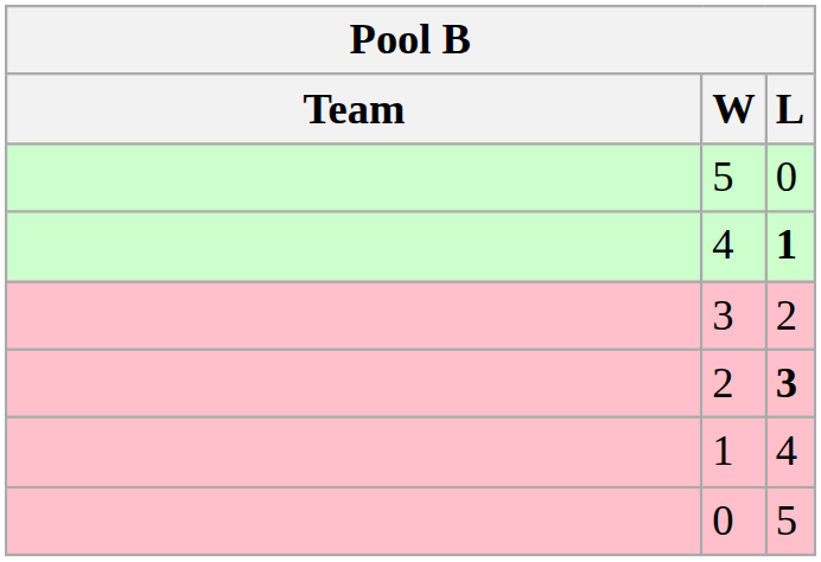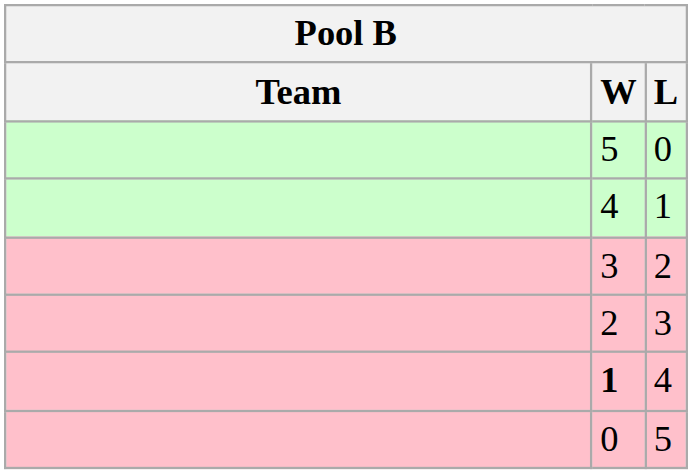 <table class="wikitable">
 <tr>
 <th colspan="3">Pool B</th>
 </tr>
 <tr>
 <th width="250">Team</th>
 <th>W</th>
 <th>L</th>
 </tr>
 <tr style="background:#ccffcc">
 <td></td>
 <td>5</td>
 <td>0</td>
 </tr>
 <tr style="background:#ccffcc">
 <td></td>
 <td>4</td>
-<td><strong>1</strong></td>
+<td>1</td>
 </tr>
 <tr style="background:pink">
 <td></td>
 <td>3</td>
 <td>2</td>
 </tr>
 <tr style="background:pink">
 <td></td>
 <td>2</td>
-<td><strong>3</strong></td>
+<td>3</td>
 </tr>
 <tr style="background:pink">
 <td></td>
-<td>1</td>
+<td><strong>1</strong></td>
 <td>4</td>
 </tr>
 <tr style="background:pink">
 <td></td>
 <td>0</td>
 <td>5</td>
 </tr>
 </table>
